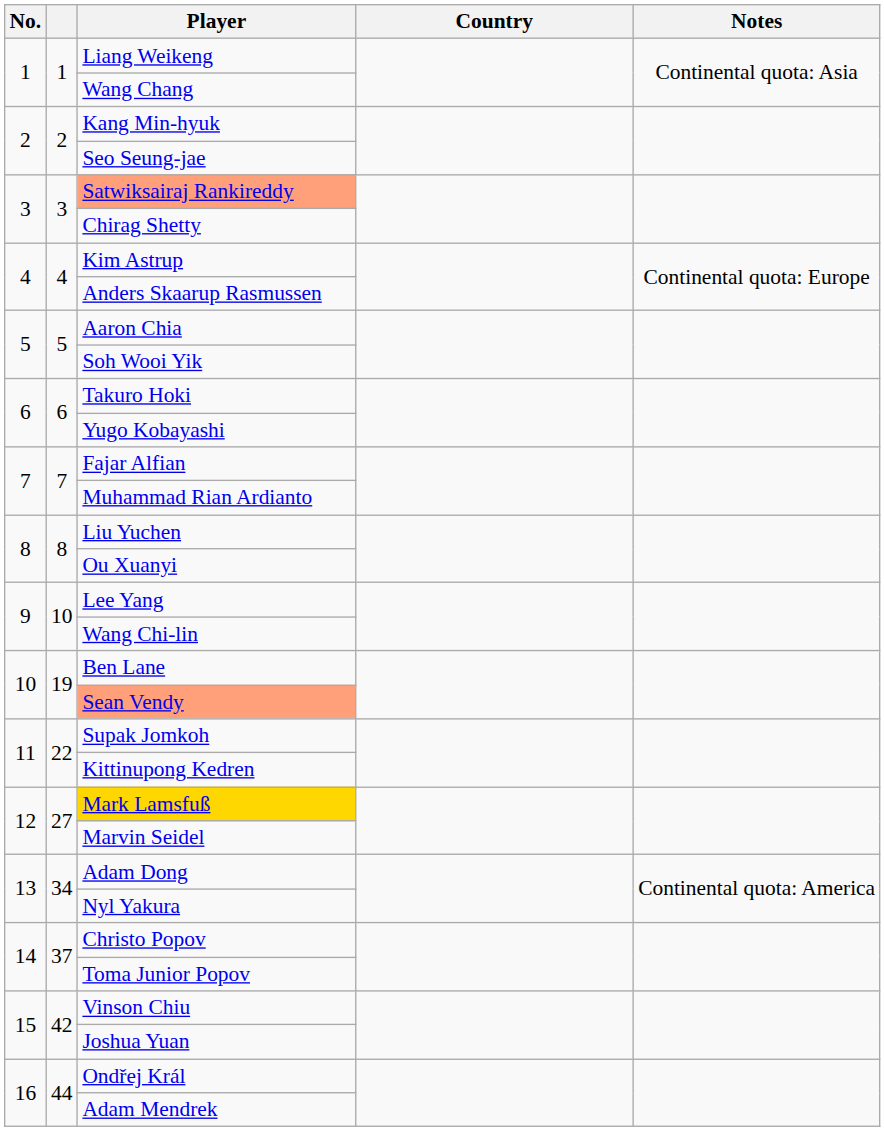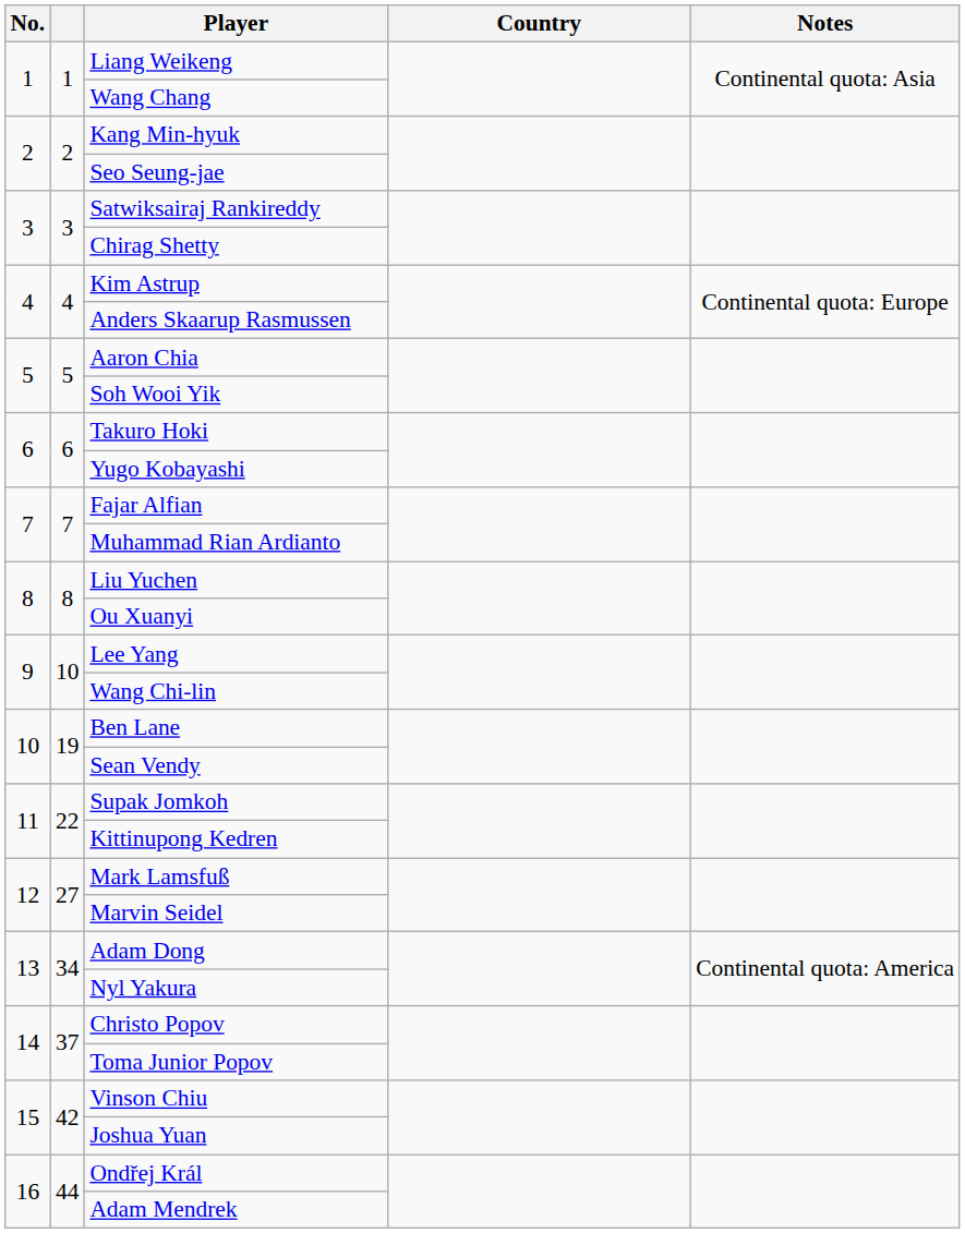 <table class="wikitable sortable" style="text-align:center">
 <tr>
 <th>No.</th>
 <th></th>
 <th width="200">Player</th>
 <th width="200">Country</th>
 <th>Notes</th>
 </tr>
 <tr>
 <td rowspan=2>1</td>
 <td rowspan=2>1</td>
 <td align=left><a href='#'>Liang Weikeng</a></td>
 <td rowspan=2 align=left></td>
 <td rowspan=2>Continental quota: Asia</td>
 </tr>
 <tr>
 <td align=left><a href='#'>Wang Chang</a></td>
 </tr>
 <tr>
 <td rowspan=2>2</td>
 <td rowspan=2>2</td>
 <td align=left><a href='#'>Kang Min-hyuk</a></td>
 <td rowspan=2 align=left></td>
 <td rowspan=2></td>
 </tr>
 <tr>
 <td align=left><a href='#'>Seo Seung-jae</a></td>
 </tr>
 <tr>
 <td rowspan=2>3</td>
 <td rowspan=2>3</td>
-<td align=left style="background: lightsalmon;"><a href='#'>Satwiksairaj Rankireddy</a></td>
+<td align=left><a href='#'>Satwiksairaj Rankireddy</a></td>
 <td rowspan=2 align=left></td>
 <td rowspan=2></td>
 </tr>
 <tr>
 <td align=left><a href='#'>Chirag Shetty</a></td>
 </tr>
 <tr>
 <td rowspan=2>4</td>
 <td rowspan=2>4</td>
 <td align=left><a href='#'>Kim Astrup</a></td>
 <td rowspan=2 align=left></td>
 <td rowspan=2>Continental quota: Europe</td>
 </tr>
 <tr>
 <td align=left><a href='#'>Anders Skaarup Rasmussen</a></td>
 </tr>
 <tr>
 <td rowspan=2>5</td>
 <td rowspan=2>5</td>
 <td align=left><a href='#'>Aaron Chia</a></td>
 <td rowspan=2 align=left></td>
 <td rowspan=2></td>
 </tr>
 <tr>
 <td align=left><a href='#'>Soh Wooi Yik</a></td>
 </tr>
 <tr>
 <td rowspan=2>6</td>
 <td rowspan=2>6</td>
 <td align=left><a href='#'>Takuro Hoki</a></td>
 <td rowspan=2 align=left></td>
 <td rowspan=2></td>
 </tr>
 <tr>
 <td align=left><a href='#'>Yugo Kobayashi</a></td>
 </tr>
 <tr>
 <td rowspan=2>7</td>
 <td rowspan=2>7</td>
 <td align=left><a href='#'>Fajar Alfian</a></td>
 <td rowspan=2 align=left></td>
 <td rowspan=2></td>
 </tr>
 <tr>
 <td align=left><a href='#'>Muhammad Rian Ardianto</a></td>
 </tr>
 <tr>
 <td rowspan=2>8</td>
 <td rowspan=2>8</td>
 <td align=left><a href='#'>Liu Yuchen</a></td>
 <td rowspan=2 align=left></td>
 <td rowspan=2></td>
 </tr>
 <tr>
 <td align=left><a href='#'>Ou Xuanyi</a></td>
 </tr>
 <tr>
 <td rowspan=2>9</td>
 <td rowspan=2>10</td>
 <td align=left><a href='#'>Lee Yang</a></td>
 <td rowspan=2 align=left></td>
 <td rowspan=2></td>
 </tr>
 <tr>
 <td align=left><a href='#'>Wang Chi-lin</a></td>
 </tr>
 <tr>
 <td rowspan=2>10</td>
 <td rowspan=2>19</td>
 <td align=left><a href='#'>Ben Lane</a></td>
 <td rowspan=2 align=left></td>
 <td rowspan=2></td>
 </tr>
 <tr>
-<td align=left style="background: lightsalmon;"><a href='#'>Sean Vendy</a></td>
+<td align=left><a href='#'>Sean Vendy</a></td>
 </tr>
 <tr>
 <td rowspan=2>11</td>
 <td rowspan=2>22</td>
 <td align=left><a href='#'>Supak Jomkoh</a></td>
 <td rowspan=2 align=left></td>
 <td rowspan=2></td>
 </tr>
 <tr>
 <td align=left><a href='#'>Kittinupong Kedren</a></td>
 </tr>
 <tr>
 <td rowspan=2>12</td>
 <td rowspan=2>27</td>
-<td align=left style="background: gold;"><a href='#'>Mark Lamsfuß</a></td>
+<td align=left><a href='#'>Mark Lamsfuß</a></td>
 <td rowspan=2 align=left></td>
 <td rowspan=2></td>
 </tr>
 <tr>
 <td align=left><a href='#'>Marvin Seidel</a></td>
 </tr>
 <tr>
 <td rowspan=2>13</td>
 <td rowspan=2>34</td>
 <td align=left><a href='#'>Adam Dong</a></td>
 <td rowspan=2 align=left></td>
 <td rowspan=2>Continental quota: America</td>
 </tr>
 <tr>
 <td align=left><a href='#'>Nyl Yakura</a></td>
 </tr>
 <tr>
 <td rowspan=2>14</td>
 <td rowspan=2>37</td>
 <td align=left><a href='#'>Christo Popov</a></td>
 <td rowspan=2 align=left></td>
 <td rowspan=2></td>
 </tr>
 <tr>
 <td align=left><a href='#'>Toma Junior Popov</a></td>
 </tr>
 <tr>
 <td rowspan=2>15</td>
 <td rowspan=2>42</td>
 <td align=left><a href='#'>Vinson Chiu</a></td>
 <td rowspan=2 align=left></td>
 <td rowspan=2></td>
 </tr>
 <tr>
 <td align=left><a href='#'>Joshua Yuan</a></td>
 </tr>
 <tr>
 <td rowspan=2>16</td>
 <td rowspan=2>44</td>
 <td align=left><a href='#'>Ondřej Král</a></td>
 <td rowspan=2 align=left></td>
 <td rowspan=2></td>
 </tr>
 <tr>
 <td align=left><a href='#'>Adam Mendrek</a></td>
 </tr>
 </table>
